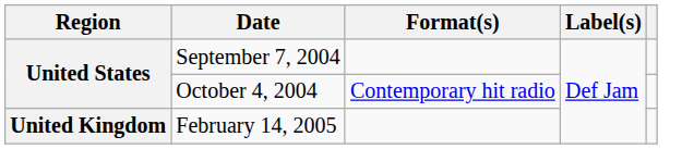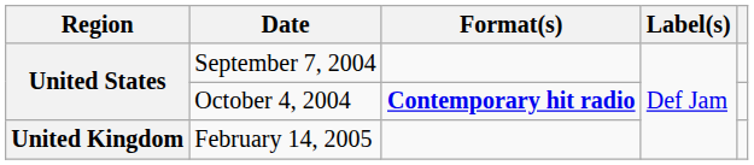 <table class="wikitable plainrowheaders">
 <tr>
 <th scope="col">Region</th>
 <th scope="col">Date</th>
 <th scope="col">Format(s)</th>
 <th scope="col">Label(s)</th>
 <th scope="col"></th>
 </tr>
 <tr>
 <th scope="row" rowspan="2">United States</th>
 <td>September 7, 2004</td>
 <td></td>
 <td rowspan="3"><a href='#'>Def Jam</a></td>
 <td></td>
 </tr>
 <tr>
 <td>October 4, 2004</td>
-<td><a href='#'>Contemporary hit radio</a></td>
+<td><strong><a href='#'>Contemporary hit radio</a></strong></td>
 <td></td>
 </tr>
 <tr>
 <th scope="row">United Kingdom</th>
 <td>February 14, 2005</td>
 <td></td>
 <td></td>
 </tr>
 </table>
